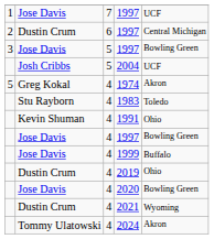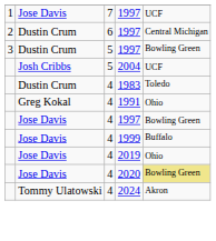 <table class="wikitable" style="display:inline-table;">
 <tr>
 </tr>
 <tr>
 <td>1</td>
 <td><a href='#'>Jose Davis</a></td>
 <td>7</td>
 <td><a href='#'>1997</a></td>
 <td style="font-size:80%;">UCF</td>
 </tr>
 <tr>
 <td>2</td>
 <td>Dustin Crum</td>
 <td>6</td>
 <td><a href='#'>1997</a></td>
 <td style="font-size:80%;">Central Michigan</td>
 </tr>
 <tr>
 <td>3</td>
-<td><a href='#'>Jose Davis</a></td>
+<td>Dustin Crum</td>
 <td>5</td>
 <td><a href='#'>1997</a></td>
 <td style="font-size:80%;">Bowling Green</td>
 </tr>
 <tr>
 <td></td>
 <td><a href='#'>Josh Cribbs</a></td>
 <td>5</td>
 <td><a href='#'>2004</a></td>
 <td style="font-size:80%;">UCF</td>
 </tr>
 <tr>
-<td>5</td>
-<td>Greg Kokal</td>
-<td>4</td>
-<td><a href='#'>1974</a></td>
-<td style="font-size:80%;">Akron</td>
-</tr>
-<tr>
 <td></td>
-<td>Stu Rayborn</td>
+<td>Dustin Crum</td>
 <td>4</td>
 <td><a href='#'>1983</a></td>
 <td style="font-size:80%;">Toledo</td>
 </tr>
 <tr>
 <td></td>
-<td>Kevin Shuman</td>
+<td>Greg Kokal</td>
 <td>4</td>
 <td><a href='#'>1991</a></td>
 <td style="font-size:80%;">Ohio</td>
 </tr>
 <tr>
 <td></td>
 <td><a href='#'>Jose Davis</a></td>
 <td>4</td>
 <td><a href='#'>1997</a></td>
 <td style="font-size:80%;">Bowling Green</td>
 </tr>
 <tr>
 <td></td>
 <td><a href='#'>Jose Davis</a></td>
 <td>4</td>
 <td><a href='#'>1999</a></td>
 <td style="font-size:80%;">Buffalo</td>
 </tr>
 <tr>
 <td></td>
-<td>Dustin Crum</td>
+<td><a href='#'>Jose Davis</a></td>
 <td>4</td>
 <td><a href='#'>2019</a></td>
 <td style="font-size:80%;">Ohio</td>
 </tr>
 <tr>
 <td></td>
 <td><a href='#'>Jose Davis</a></td>
 <td>4</td>
 <td><a href='#'>2020</a></td>
-<td style="font-size:80%;">Bowling Green</td>
-</tr>
-<tr>
-<td></td>
-<td>Dustin Crum</td>
-<td>4</td>
-<td><a href='#'>2021</a></td>
-<td style="font-size:80%;">Wyoming</td>
+<td style="background: khaki; font-size:80%;">Bowling Green</td>
 </tr>
 <tr>
 <td></td>
 <td>Tommy Ulatowski</td>
 <td>4</td>
 <td><a href='#'>2024</a></td>
 <td style="font-size:80%;">Akron</td>
 </tr>
 </table>
